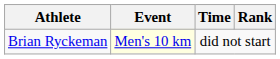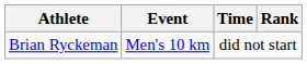 <table class="wikitable" style="font-size:90%;">
 <tr>
 <th>Athlete</th>
 <th>Event</th>
 <th>Time</th>
 <th>Rank</th>
 </tr>
 <tr align=center>
 <td align=left><a href='#'>Brian Ryckeman</a></td>
-<td align=left style="background: lightyellow;"><a href='#'>Men's 10 km</a></td>
+<td align=left><a href='#'>Men's 10 km</a></td>
 <td colspan=2>did not start</td>
 </tr>
 </table>
